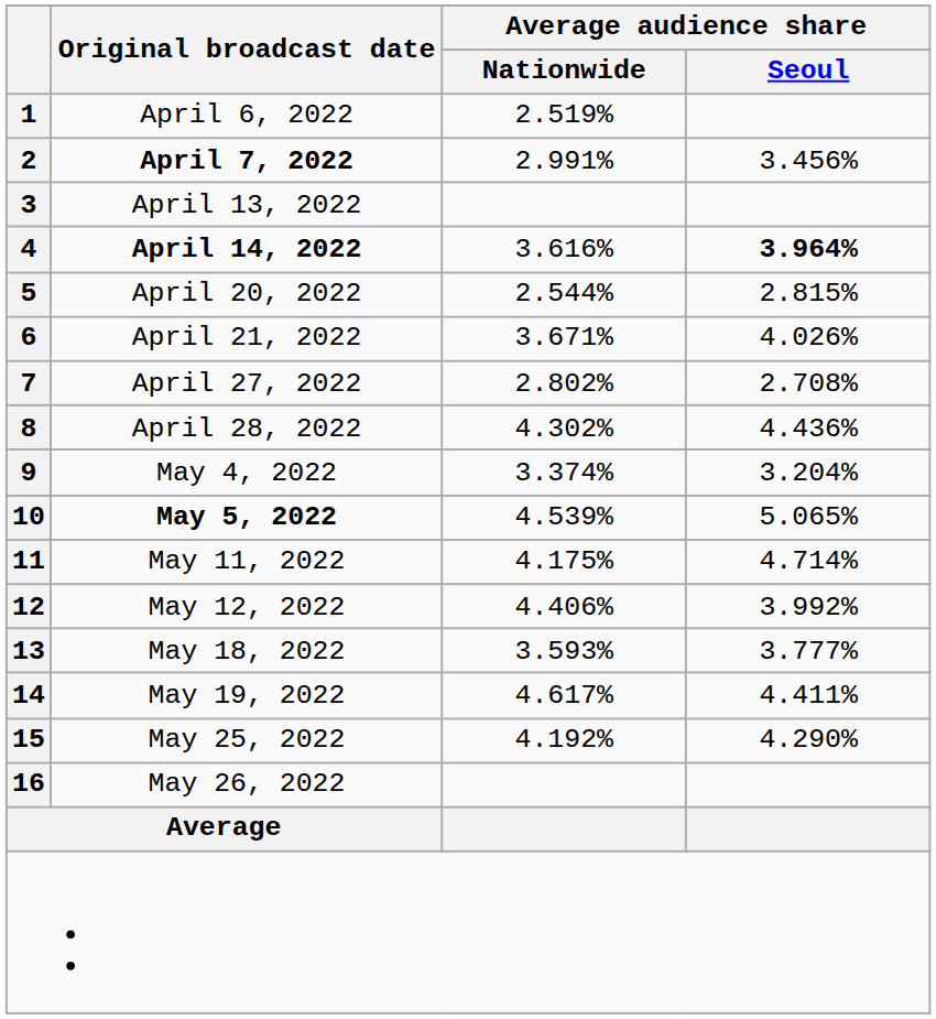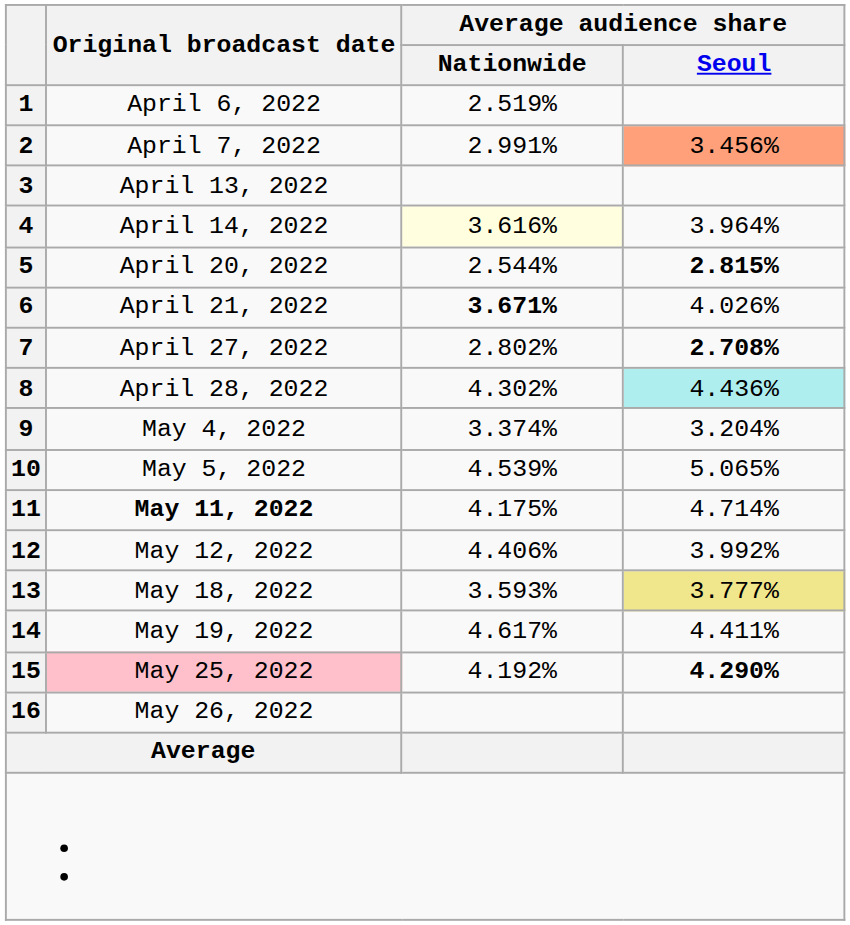 <table class="wikitable" style="text-align:center; max-width:550px; margin-left: auto; margin-right: auto; border: none;">
 <tr>
 </tr>
 <tr>
 <th rowspan="2"></th>
 <th rowspan="2">Original broadcast date</th>
 <th colspan="2">Average audience share</th>
 </tr>
 <tr>
 <th width="110">Nationwide</th>
 <th width="110"><a href='#'>Seoul</a></th>
 </tr>
 <tr>
 <th>1</th>
 <td>April 6, 2022</td>
 <td>2.519% </td>
 <td> </td>
 </tr>
 <tr>
 <th>2</th>
-<td><strong>April 7, 2022</strong></td>
+<td>April 7, 2022</td>
 <td>2.991% </td>
-<td>3.456% </td>
+<td style="background: lightsalmon;">3.456% </td>
 </tr>
 <tr>
 <th>3</th>
 <td>April 13, 2022</td>
 <td> </td>
 <td></td>
 </tr>
 <tr>
 <th>4</th>
-<td><strong>April 14, 2022</strong></td>
-<td>3.616%  </td>
-<td><strong>3.964%  </strong></td>
+<td>April 14, 2022</td>
+<td style="background: lightyellow;">3.616%  </td>
+<td>3.964%  </td>
 </tr>
 <tr>
 <th>5</th>
 <td>April 20, 2022</td>
 <td>2.544% </td>
-<td>2.815% </td>
+<td><strong>2.815% </strong></td>
 </tr>
 <tr>
 <th>6</th>
 <td>April 21, 2022</td>
-<td>3.671%  </td>
+<td><strong>3.671%  </strong></td>
 <td>4.026%  </td>
 </tr>
 <tr>
 <th>7</th>
 <td>April 27, 2022</td>
 <td>2.802% </td>
-<td>2.708% </td>
+<td><strong>2.708% </strong></td>
 </tr>
 <tr>
 <th>8</th>
 <td>April 28, 2022</td>
 <td>4.302%  </td>
-<td>4.436%  </td>
+<td style="background: paleturquoise;">4.436%  </td>
 </tr>
 <tr>
 <th>9</th>
 <td>May 4, 2022</td>
 <td>3.374%  </td>
 <td>3.204%  </td>
 </tr>
 <tr>
 <th>10</th>
-<td><strong>May 5, 2022</strong></td>
+<td>May 5, 2022</td>
 <td>4.539%  </td>
 <td>5.065%  </td>
 </tr>
 <tr>
 <th>11</th>
-<td>May 11, 2022</td>
+<td><strong>May 11, 2022</strong></td>
 <td>4.175% </td>
 <td>4.714% </td>
 </tr>
 <tr>
 <th>12</th>
 <td>May 12, 2022</td>
 <td>4.406% </td>
 <td>3.992% </td>
 </tr>
 <tr>
 <th>13</th>
 <td>May 18, 2022</td>
 <td>3.593%  </td>
-<td>3.777%  </td>
+<td style="background: khaki;">3.777%  </td>
 </tr>
 <tr>
 <th>14</th>
 <td>May 19, 2022</td>
 <td>4.617% </td>
 <td>4.411% </td>
 </tr>
 <tr>
 <th>15</th>
-<td>May 25, 2022</td>
+<td style="background: pink;">May 25, 2022</td>
 <td>4.192% </td>
-<td>4.290% </td>
+<td><strong>4.290% </strong></td>
 </tr>
 <tr>
 <th>16</th>
 <td>May 26, 2022</td>
 <td>  </td>
 <td>  </td>
 </tr>
 <tr>
 <th colspan="2">Average</th>
 <th></th>
 <th></th>
 </tr>
 <tr>
 <td colspan="4"><br><ul><li></li><li></li></ul></td>
 </tr>
 </table>
